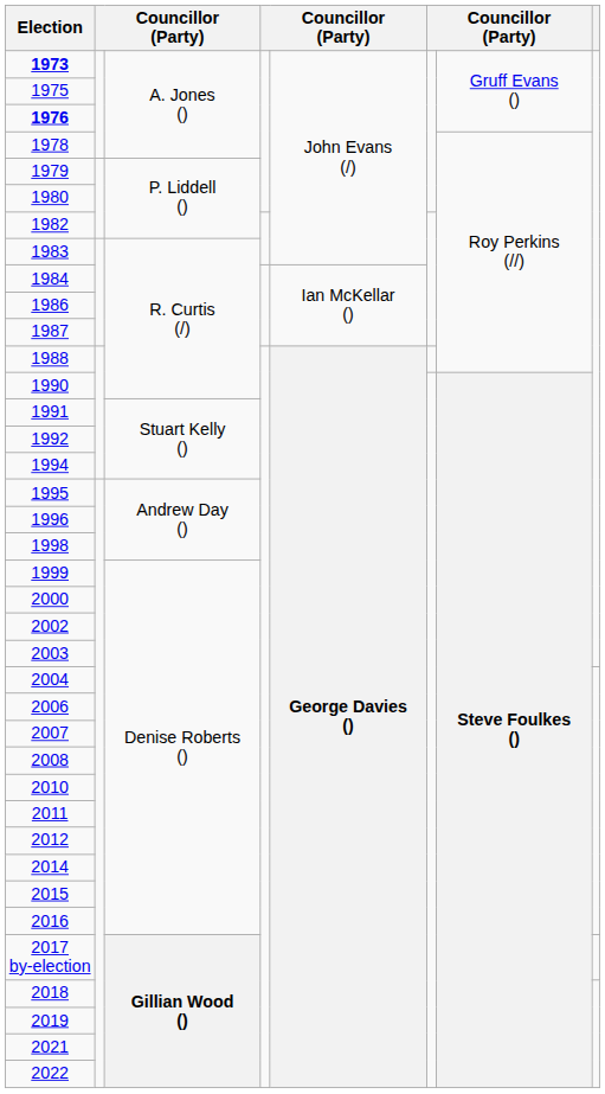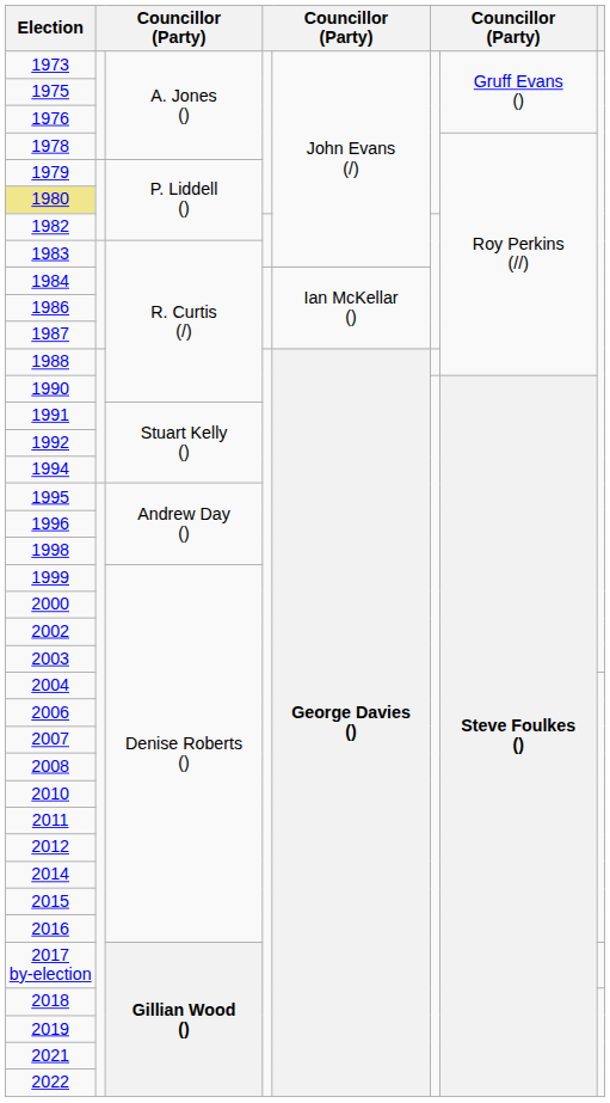 <table class="wikitable" style="text-align:center">
 <tr>
 <th>Election</th>
 <th scope="col" width="150" colspan = "2">Councillor<br> (Party)</th>
 <th scope="col" width="150" colspan = "2">Councillor<br> (Party)</th>
 <th scope="col" width="150" colspan = "2">Councillor<br> (Party)</th>
 <th></th>
 </tr>
 <tr>
-<td><strong><a href='#'>1973</a></strong></td>
+<td><a href='#'>1973</a></td>
 <td rowspan=4 style="background-color: "></td>
 <td rowspan=4>A. Jones<br>(<a href='#'></a>)</td>
 <td rowspan=6 style="background-color: "></td>
 <td rowspan=8>John Evans<br>(<a href='#'></a>/<a href='#'></a>)</td>
 <td rowspan=6 style="background-color: "></td>
 <td rowspan=3><a href='#'>Gruff Evans</a><br>(<a href='#'></a>)</td>
 <td align=center rowspan=23></td>
 </tr>
 <tr>
 <td><a href='#'>1975</a></td>
 </tr>
 <tr>
-<td><strong><a href='#'>1976</a></strong></td>
+<td><a href='#'>1976</a></td>
 </tr>
 <tr>
 <td><a href='#'>1978</a></td>
 <td rowspan=9>Roy Perkins<br>(<a href='#'></a>/<a href='#'></a>/<a href='#'></a>)</td>
 </tr>
 <tr>
 <td><a href='#'>1979</a></td>
 <td rowspan=3 style="background-color: "></td>
 <td rowspan=3>P. Liddell<br>(<a href='#'></a>)</td>
 </tr>
 <tr>
-<td><a href='#'>1980</a></td>
+<td style="background: khaki;"><a href='#'>1980</a></td>
 </tr>
 <tr>
 <td><a href='#'>1982</a></td>
 <td rowspan=2 style="background-color: "></td>
 <td rowspan=5 style="background-color: "></td>
 </tr>
 <tr>
 <td><a href='#'>1983</a></td>
 <td rowspan=4 style="background-color: "></td>
 <td rowspan=6>R. Curtis<br>(<a href='#'></a>/<a href='#'></a>)</td>
 </tr>
 <tr>
 <td><a href='#'>1984</a></td>
 <td rowspan=3 style="background-color: "></td>
 <td rowspan=3>Ian McKellar<br>(<a href='#'></a>)</td>
 </tr>
 <tr>
 <td><a href='#'>1986</a></td>
 </tr>
 <tr>
 <td><a href='#'>1987</a></td>
 </tr>
 <tr>
 <td><a href='#'>1988</a></td>
 <td rowspan=5 style="background-color: "></td>
 <td rowspan=27 style="background-color: "></td>
 <th rowspan="27">George Davies<br>(<a href='#'></a>)</th>
 <td style="background-color: "></td>
 </tr>
 <tr>
 <td><a href='#'>1990</a></td>
 <td rowspan=26 style="background-color: "></td>
 <th rowspan="26">Steve Foulkes<br>(<a href='#'></a>)</th>
 </tr>
 <tr>
 <td><a href='#'>1991</a></td>
 <td rowspan=3>Stuart Kelly<br>(<a href='#'></a>)</td>
 </tr>
 <tr>
 <td><a href='#'>1992</a></td>
 </tr>
 <tr>
 <td><a href='#'>1994</a></td>
 </tr>
 <tr>
 <td><a href='#'>1995</a></td>
 <td rowspan=22 style="background-color: "></td>
 <td rowspan=3>Andrew Day<br>(<a href='#'></a>)</td>
 </tr>
 <tr>
 <td><a href='#'>1996</a></td>
 </tr>
 <tr>
 <td><a href='#'>1998</a></td>
 </tr>
 <tr>
 <td><a href='#'>1999</a></td>
 <td rowspan=14>Denise Roberts<br>(<a href='#'></a>)</td>
 </tr>
 <tr>
 <td><a href='#'>2000</a></td>
 </tr>
 <tr>
 <td><a href='#'>2002</a></td>
 </tr>
 <tr>
 <td><a href='#'>2003</a></td>
 </tr>
 <tr>
 <td><a href='#'>2004</a></td>
 <td rowspan=10></td>
 </tr>
 <tr>
 <td><a href='#'>2006</a></td>
 </tr>
 <tr>
 <td><a href='#'>2007</a></td>
 </tr>
 <tr>
 <td><a href='#'>2008</a></td>
 </tr>
 <tr>
 <td><a href='#'>2010</a></td>
 </tr>
 <tr>
 <td><a href='#'>2011</a></td>
 </tr>
 <tr>
 <td><a href='#'>2012</a></td>
 </tr>
 <tr>
 <td><a href='#'>2014</a></td>
 </tr>
 <tr>
 <td><a href='#'>2015</a></td>
 </tr>
 <tr>
 <td><a href='#'>2016</a></td>
 </tr>
 <tr>
 <td><a href='#'>2017<br>by-election</a></td>
 <th rowspan="5">Gillian Wood<br>(<a href='#'></a>)</th>
 <td></td>
 </tr>
 <tr>
 <td><a href='#'>2018</a></td>
 <td rowspan="4"></td>
 </tr>
 <tr>
 <td><a href='#'>2019</a></td>
 </tr>
 <tr>
 <td><a href='#'>2021</a></td>
 </tr>
 <tr>
 <td><a href='#'>2022</a></td>
 </tr>
 </table>
